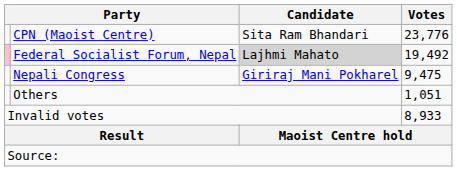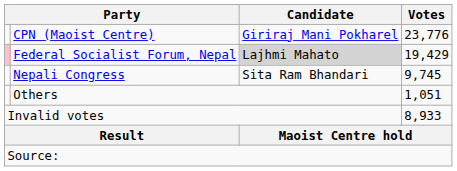 <table class="wikitable">
 <tr>
 <th colspan="2">Party</th>
 <th>Candidate</th>
 <th>Votes</th>
 </tr>
 <tr>
 <td style="background-color:"></td>
 <td><a href='#'>CPN (Maoist Centre)</a></td>
-<td>Sita Ram Bhandari</td>
+<td><a href='#'>Giriraj Mani Pokharel</a></td>
 <td>23,776</td>
 </tr>
 <tr>
 <td style="background-color:pink"></td>
 <td><a href='#'>Federal Socialist Forum, Nepal</a></td>
 <td style="background: lightgrey;">Lajhmi Mahato</td>
-<td>19,492</td>
+<td>19,429</td>
 </tr>
 <tr>
 <td style="background-color:"></td>
 <td><a href='#'>Nepali Congress</a></td>
-<td><a href='#'>Giriraj Mani Pokharel</a></td>
-<td>9,475</td>
+<td>Sita Ram Bhandari</td>
+<td>9,745</td>
 </tr>
 <tr>
 <td></td>
 <td colspan="2">Others</td>
 <td>1,051</td>
 </tr>
 <tr>
 <td colspan="3">Invalid votes</td>
 <td>8,933</td>
 </tr>
 <tr>
 <th colspan="2">Result</th>
 <th colspan="2">Maoist Centre hold</th>
 </tr>
 <tr>
 <td colspan="4">Source: </td>
 </tr>
 </table>
